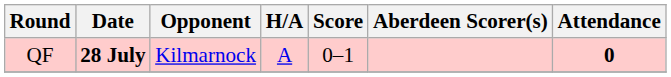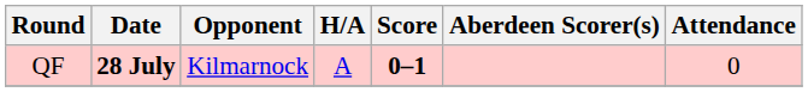 <table class="wikitable" style="text-align:center">
 <tr>
 <th>Round</th>
 <th>Date</th>
 <th>Opponent</th>
 <th>H/A</th>
 <th>Score</th>
 <th>Aberdeen Scorer(s)</th>
 <th>Attendance</th>
 </tr>
 <tr bgcolor=#FFCCCC>
 <td>QF</td>
 <td align=left><strong>28 July</strong></td>
 <td align=left><a href='#'>Kilmarnock</a></td>
 <td><a href='#'>A</a></td>
-<td>0–1</td>
+<td><strong>0–1</strong></td>
 <td align=left></td>
-<td><strong>0</strong></td>
+<td>0</td>
 </tr>
 <tr>
 </tr>
 </table>
